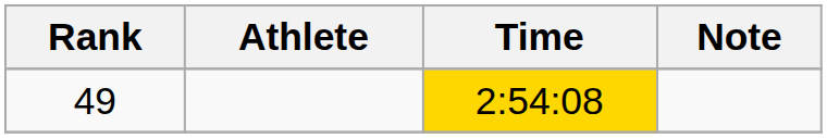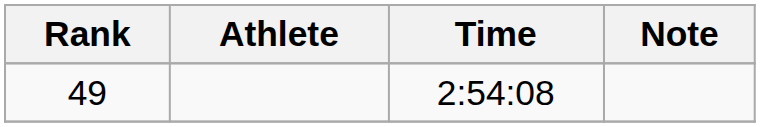 <table class="wikitable" style=" text-align:center; font-size:110%;" width="60%">
 <tr>
 <th>Rank</th>
 <th>Athlete</th>
 <th>Time</th>
 <th>Note</th>
 </tr>
 <tr>
 </tr>
 <tr>
 <td>49</td>
 <td align=left></td>
-<td style="background: gold;">2:54:08</td>
+<td>2:54:08</td>
 <td></td>
 </tr>
 <tr>
 </tr>
 </table>
